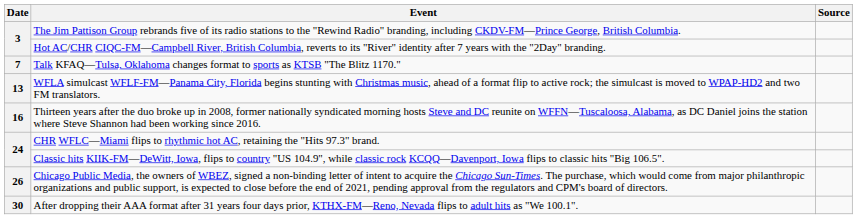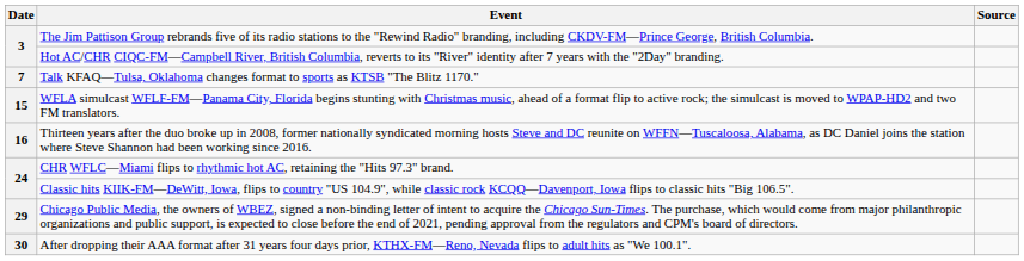 <table class=wikitable>
 <tr>
 <th>Date</th>
 <th>Event</th>
 <th>Source</th>
 </tr>
 <tr>
 <th rowspan=2>3</th>
 <td><a href='#'>The Jim Pattison Group</a> rebrands five of its radio stations to the "Rewind Radio" branding, including <a href='#'>CKDV-FM</a>—<a href='#'>Prince George</a>, <a href='#'>British Columbia</a>.</td>
 <td></td>
 </tr>
 <tr>
 <td><a href='#'>Hot AC</a>/<a href='#'>CHR</a> <a href='#'>CIQC-FM</a>—<a href='#'>Campbell River, British Columbia</a>, reverts to its "River" identity after 7 years with the "2Day" branding.</td>
 <td></td>
 </tr>
 <tr>
 <th>7</th>
 <td><a href='#'>Talk</a> KFAQ—<a href='#'>Tulsa, Oklahoma</a> changes format to <a href='#'>sports</a> as <a href='#'>KTSB</a> "The Blitz 1170."</td>
 <td></td>
 </tr>
 <tr>
-<th>13</th>
+<th>15</th>
 <td><a href='#'>WFLA</a> simulcast <a href='#'>WFLF-FM</a>—<a href='#'>Panama City, Florida</a> begins stunting with <a href='#'>Christmas music</a>, ahead of a format flip to active rock; the simulcast is moved to <a href='#'>WPAP-HD2</a> and two FM translators.</td>
 <td></td>
 </tr>
 <tr>
 <th>16</th>
 <td>Thirteen years after the duo broke up in 2008, former nationally syndicated morning hosts <a href='#'>Steve and DC</a> reunite on <a href='#'>WFFN</a>—<a href='#'>Tuscaloosa, Alabama</a>, as DC Daniel joins the station where Steve Shannon had been working since 2016.</td>
 <td></td>
 </tr>
 <tr>
 <th rowspan=2>24</th>
 <td><a href='#'>CHR</a> <a href='#'>WFLC</a>—<a href='#'>Miami</a> flips to <a href='#'>rhythmic hot AC</a>, retaining the "Hits 97.3" brand.</td>
 <td></td>
 </tr>
 <tr>
 <td><a href='#'>Classic hits</a> <a href='#'>KIIK-FM</a>—<a href='#'>DeWitt, Iowa</a>, flips to <a href='#'>country</a> "US 104.9", while <a href='#'>classic rock</a> <a href='#'>KCQQ</a>—<a href='#'>Davenport, Iowa</a> flips to classic hits "Big 106.5".</td>
 <td></td>
 </tr>
 <tr>
-<th>26</th>
+<th>29</th>
 <td><a href='#'>Chicago Public Media</a>, the owners of <a href='#'>WBEZ</a>, signed a non-binding letter of intent to acquire the <em><a href='#'>Chicago Sun-Times</a></em>. The purchase, which would come from major philanthropic organizations and public support, is expected to close before the end of 2021, pending approval from the regulators and CPM's board of directors.</td>
 <td></td>
 </tr>
 <tr>
 <th>30</th>
 <td>After dropping their AAA format after 31 years four days prior, <a href='#'>KTHX-FM</a>—<a href='#'>Reno, Nevada</a> flips to <a href='#'>adult hits</a> as "We 100.1".</td>
 <td></td>
 </tr>
 </table>
